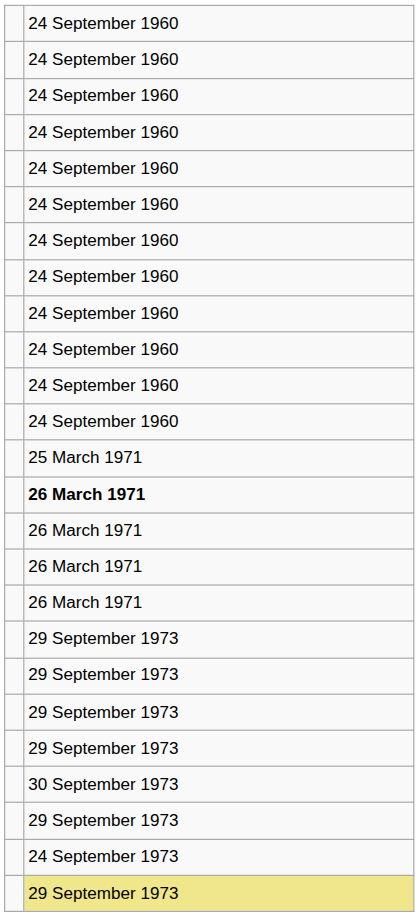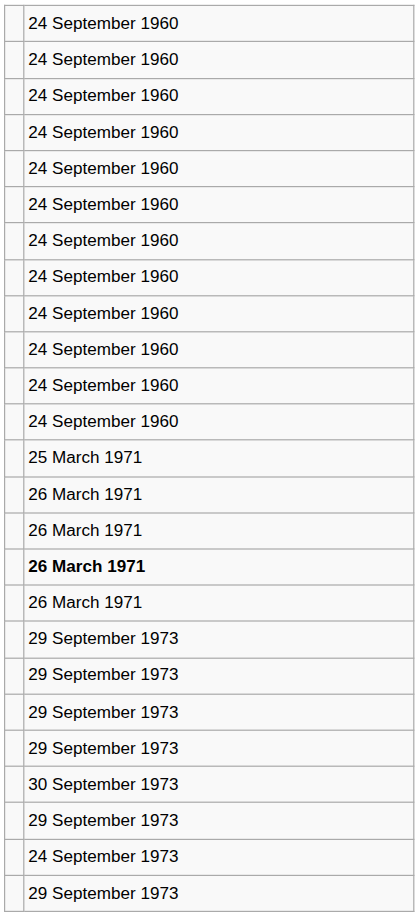 <table class="wikitable" style="font-size: 89%; float: left; width: 24em; margin-right: 1em; line-height: 1.65em">
 <tr>
 <td></td>
 <td>24 September 1960</td>
 </tr>
 <tr>
 <td></td>
 <td>24 September 1960</td>
 </tr>
 <tr>
 <td></td>
 <td>24 September 1960</td>
 </tr>
 <tr>
 <td></td>
 <td>24 September 1960</td>
 </tr>
 <tr>
 <td></td>
 <td>24 September 1960</td>
 </tr>
 <tr>
 <td></td>
 <td>24 September 1960</td>
 </tr>
 <tr>
 <td></td>
 <td>24 September 1960</td>
 </tr>
 <tr>
 <td></td>
 <td>24 September 1960</td>
 </tr>
 <tr>
 <td></td>
 <td>24 September 1960</td>
 </tr>
 <tr>
 <td></td>
 <td>24 September 1960</td>
 </tr>
 <tr>
 <td></td>
 <td>24 September 1960</td>
 </tr>
 <tr>
 <td></td>
 <td>24 September 1960</td>
 </tr>
 <tr>
 <td></td>
 <td>25 March 1971</td>
 </tr>
 <tr>
 <td></td>
-<td><strong>26 March 1971</strong></td>
+<td>26 March 1971</td>
 </tr>
 <tr>
 <td></td>
 <td>26 March 1971</td>
 </tr>
 <tr>
 <td></td>
-<td>26 March 1971</td>
+<td><strong>26 March 1971</strong></td>
 </tr>
 <tr>
 <td></td>
 <td>26 March 1971</td>
 </tr>
 <tr>
 <td></td>
 <td>29 September 1973</td>
 </tr>
 <tr>
 <td></td>
 <td>29 September 1973</td>
 </tr>
 <tr>
 <td></td>
 <td>29 September 1973</td>
 </tr>
 <tr>
 <td></td>
 <td>29 September 1973</td>
 </tr>
 <tr>
 <td></td>
 <td>30 September 1973</td>
 </tr>
 <tr>
 <td></td>
 <td>29 September 1973</td>
 </tr>
 <tr>
 <td></td>
 <td>24 September 1973</td>
 </tr>
 <tr>
 <td></td>
-<td style="background: khaki;">29 September 1973</td>
+<td>29 September 1973</td>
 </tr>
 </table>
